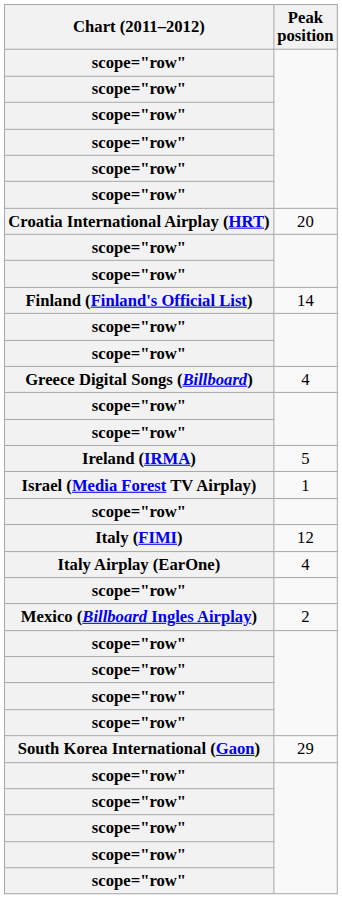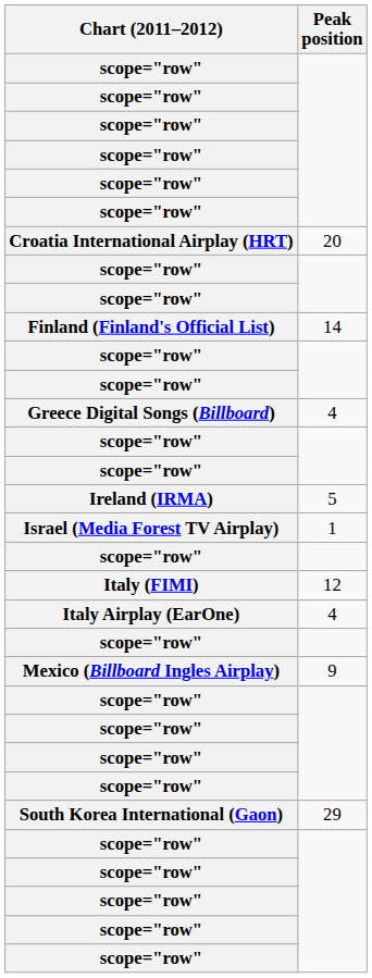 <table class="wikitable sortable plainrowheaders" style="text-align:center">
 <tr>
 <th scope="col">Chart (2011–2012)</th>
 <th scope="col">Peak<br>position</th>
 </tr>
 <tr>
 <th>scope="row" </th>
 </tr>
 <tr>
 <th>scope="row" </th>
 </tr>
 <tr>
 <th>scope="row" </th>
 </tr>
 <tr>
 <th>scope="row" </th>
 </tr>
 <tr>
 <th>scope="row" </th>
 </tr>
 <tr>
 <th>scope="row" </th>
 </tr>
 <tr>
 <th scope="row">Croatia International Airplay (<a href='#'>HRT</a>)</th>
 <td align="center">20</td>
 </tr>
 <tr>
 <th>scope="row" </th>
 </tr>
 <tr>
 <th>scope="row" </th>
 </tr>
 <tr>
 <th scope="row">Finland (<a href='#'>Finland's Official List</a>)</th>
 <td>14</td>
 </tr>
 <tr>
 <th>scope="row" </th>
 </tr>
 <tr>
 <th>scope="row" </th>
 </tr>
 <tr>
 <th scope="row">Greece Digital Songs (<em><a href='#'>Billboard</a></em>)</th>
 <td>4</td>
 </tr>
 <tr>
 <th>scope="row" </th>
 </tr>
 <tr>
 <th>scope="row" </th>
 </tr>
 <tr>
 <th scope="row">Ireland (<a href='#'>IRMA</a>)</th>
 <td>5</td>
 </tr>
 <tr>
 <th scope="row">Israel (<a href='#'>Media Forest</a> TV Airplay)</th>
 <td>1</td>
 </tr>
 <tr>
 <th>scope="row" </th>
 </tr>
 <tr>
 <th scope="row">Italy (<a href='#'>FIMI</a>)</th>
 <td>12</td>
 </tr>
 <tr>
 <th scope="row">Italy Airplay (EarOne)</th>
 <td>4</td>
 </tr>
 <tr>
 <th>scope="row" </th>
 </tr>
 <tr>
 <th scope="row">Mexico (<a href='#'><em>Billboard</em> Ingles Airplay</a>)</th>
-<td>2</td>
+<td>9</td>
 </tr>
 <tr>
 <th>scope="row" </th>
 </tr>
 <tr>
 <th>scope="row" </th>
 </tr>
 <tr>
 <th>scope="row" </th>
 </tr>
 <tr>
 <th>scope="row" </th>
 </tr>
 <tr>
 <th scope="row">South Korea International (<a href='#'>Gaon</a>)</th>
 <td>29</td>
 </tr>
 <tr>
 <th>scope="row" </th>
 </tr>
 <tr>
 <th>scope="row" </th>
 </tr>
 <tr>
 <th>scope="row" </th>
 </tr>
 <tr>
 <th>scope="row" </th>
 </tr>
 <tr>
 <th>scope="row" </th>
 </tr>
 </table>
